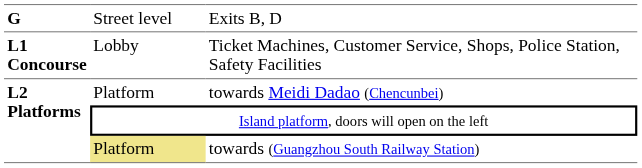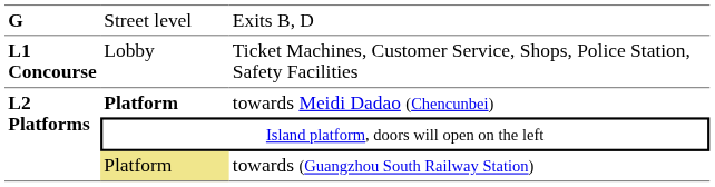 <table table border=0 cellspacing=0 cellpadding=3>
 <tr>
 <td style="border-top:solid 1px gray;" width=50 valign=top><strong>G</strong></td>
 <td style="border-top:solid 1px gray;" width=100 valign=top>Street level</td>
 <td style="border-top:solid 1px gray;" width=390 valign=top>Exits B, D</td>
 </tr>
 <tr>
 <td style="border-bottom:solid 1px gray; border-top:solid 1px gray;" valign=top><strong>L1<br>Concourse</strong></td>
 <td style="border-bottom:solid 1px gray; border-top:solid 1px gray;" valign=top>Lobby</td>
 <td style="border-bottom:solid 1px gray; border-top:solid 1px gray;" valign=top>Ticket Machines, Customer Service, Shops, Police Station, Safety Facilities</td>
 </tr>
 <tr>
 <td style="border-bottom:solid 1px gray;" rowspan=3 valign=top><strong>L2<br>Platforms</strong></td>
-<td>Platform </td>
+<td><strong>Platform </strong></td>
 <td>  towards <a href='#'>Meidi Dadao</a> <small>(<a href='#'>Chencunbei</a>)</small></td>
 </tr>
 <tr>
 <td style="border-right:solid 2px black;border-left:solid 2px black;border-top:solid 2px black;border-bottom:solid 2px black;text-align:center;" colspan=2><small><a href='#'>Island platform</a>, doors will open on the left</small></td>
 </tr>
 <tr>
 <td style="background: khaki; border-bottom:solid 1px gray;">Platform </td>
 <td style="border-bottom:solid 1px gray;"> towards  <small>(<a href='#'>Guangzhou South Railway Station</a>)</small> </td>
 </tr>
 </table>
